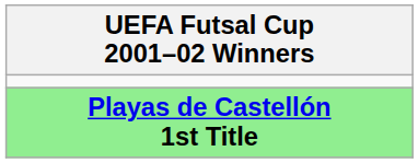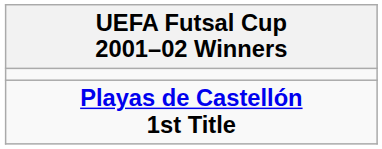 <table class="wikitable" style="text-align: center; margin: 0 auto; width: 20%">
 <tr>
 <th>UEFA Futsal Cup <br>2001–02 Winners</th>
 </tr>
 <tr>
 <td></td>
 </tr>
 <tr>
-<td style="background: lightgreen;"><strong><a href='#'>Playas de Castellón</a></strong><br><strong>1st Title</strong></td>
+<td><strong><a href='#'>Playas de Castellón</a></strong><br><strong>1st Title</strong></td>
 </tr>
 </table>
